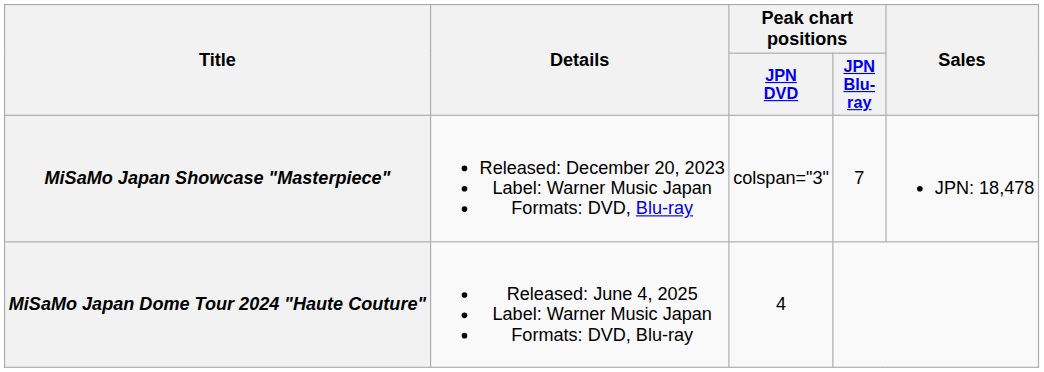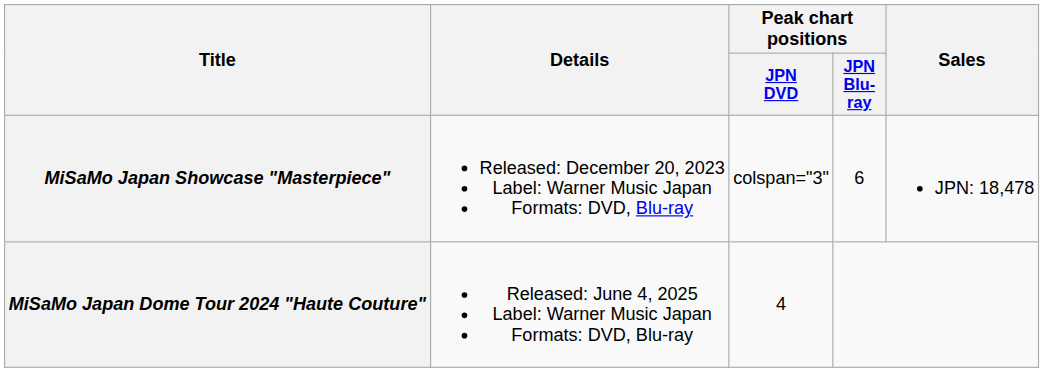 <table class="wikitable plainrowheaders" style="text-align:center">
 <tr>
 <th scope="col" rowspan="2">Title</th>
 <th scope="col" rowspan="2">Details</th>
 <th scope="col" colspan="2">Peak chart positions</th>
 <th scope="col" rowspan="2">Sales</th>
 </tr>
 <tr>
 <th scope="col" style="font-size:90%; width:2.75em"><a href='#'>JPN<br>DVD</a><br></th>
 <th scope="col" style="font-size:90%; width:2.75em"><a href='#'>JPN<br>Blu-ray</a><br></th>
 </tr>
 <tr>
 <th scope="row"><em>MiSaMo Japan Showcase "Masterpiece"</em></th>
 <td><br><ul><li>Released: December 20, 2023</li><li>Label: Warner Music Japan</li><li>Formats: DVD, <a href='#'>Blu-ray</a></li></ul></td>
 <td>colspan="3" </td>
-<td>7</td>
+<td>6</td>
 <td><br><ul><li>JPN: 18,478</li></ul></td>
 </tr>
 <tr>
 <th scope="row"><em>MiSaMo Japan Dome Tour 2024 "Haute Couture"</em></th>
 <td><br><ul><li>Released: June 4, 2025</li><li>Label: Warner Music Japan</li><li>Formats: DVD, Blu-ray</li></ul></td>
 <td>4</td>
 </tr>
 </table>
